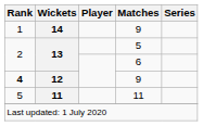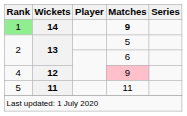 <table class="wikitable plainrowheaders sortable">
 <tr>
 <th scope=col>Rank</th>
 <th scope=col>Wickets</th>
 <th scope=col>Player</th>
 <th scope=col>Matches</th>
 <th scope=col>Series</th>
 </tr>
 <tr>
-<td align=center>1</td>
+<td align=center style="background: lightgreen;">1</td>
 <th scope=row style=text-align:center;>14</th>
 <td></td>
-<td align=center>9</td>
+<td align=center><strong>9</strong></td>
 <td></td>
 </tr>
 <tr>
 <td align=center rowspan=2>2</td>
 <th scope=row style=text-align:center; rowspan=2>13</th>
 <td></td>
 <td align=center>5</td>
 <td></td>
 </tr>
 <tr>
 <td rowspan=2></td>
 <td align=center>6</td>
 <td></td>
 </tr>
 <tr>
-<td align=center><strong>4</strong></td>
+<td align=center>4</td>
 <th scope=row style=text-align:center;>12</th>
-<td align=center>9</td>
+<td align=center style="background: pink;">9</td>
 <td></td>
 </tr>
 <tr>
 <td align=center>5</td>
 <th scope=row style=text-align:center;>11</th>
 <td></td>
 <td align=center>11</td>
 <td></td>
 </tr>
 <tr>
 </tr>
 <tr class=sortbottom>
 <td colspan=5><small>Last updated: 1 July 2020</small></td>
 </tr>
 </table>
